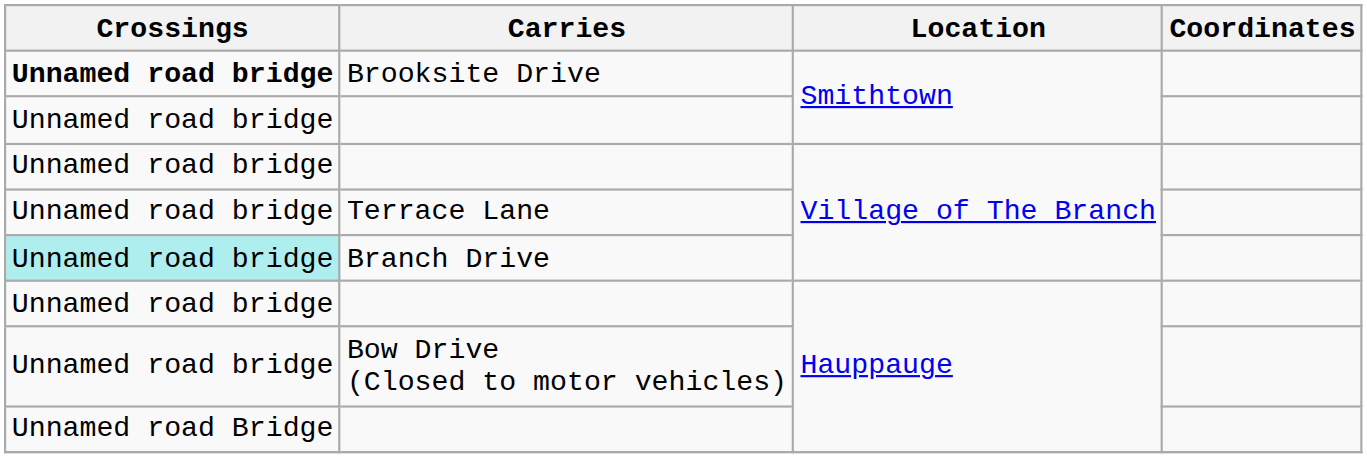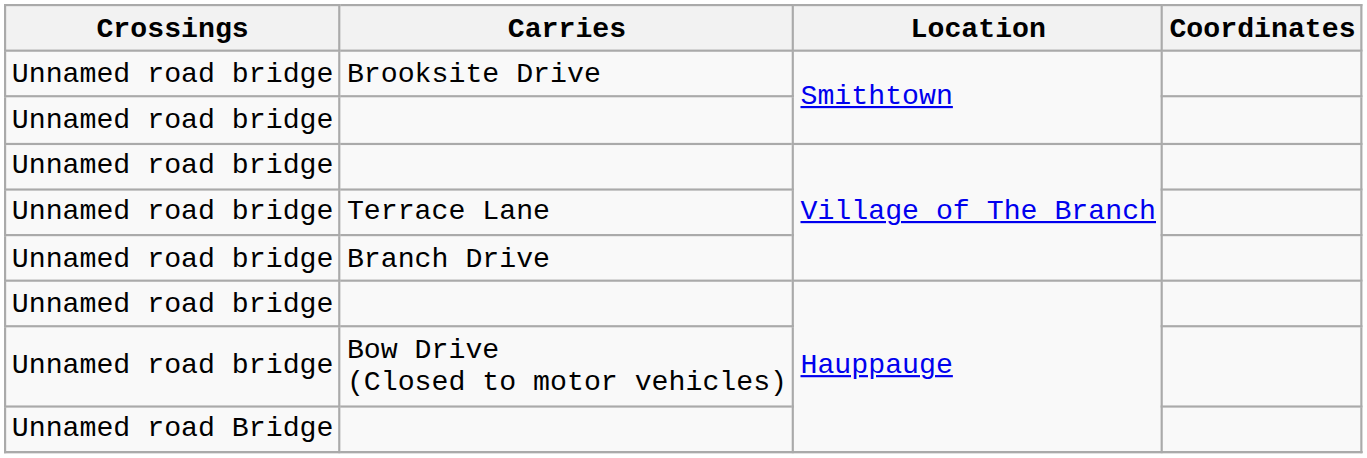 <table class="wikitable sortable">
 <tr>
 <th>Crossings</th>
 <th>Carries</th>
 <th>Location</th>
 <th>Coordinates</th>
 </tr>
 <tr>
-<td><strong>Unnamed road bridge</strong></td>
+<td>Unnamed road bridge</td>
 <td>Brooksite Drive</td>
 <td rowspan=2><a href='#'>Smithtown</a></td>
 <td></td>
 </tr>
 <tr>
 <td>Unnamed road bridge</td>
 <td></td>
 <td></td>
 </tr>
 <tr>
 <td>Unnamed road bridge</td>
 <td></td>
 <td rowspan=3><a href='#'>Village of The Branch</a></td>
 <td></td>
 </tr>
 <tr>
 <td>Unnamed road bridge</td>
 <td>Terrace Lane</td>
 <td></td>
 </tr>
 <tr>
-<td style="background: paleturquoise;">Unnamed road bridge</td>
+<td>Unnamed road bridge</td>
 <td>Branch Drive</td>
 <td></td>
 </tr>
 <tr>
 <td>Unnamed road bridge</td>
 <td></td>
 <td rowspan=3><a href='#'>Hauppauge</a></td>
 <td></td>
 </tr>
 <tr>
 <td>Unnamed road bridge</td>
 <td>Bow Drive<br>(Closed to motor vehicles)</td>
 <td></td>
 </tr>
 <tr>
 <td>Unnamed road Bridge</td>
 <td></td>
 <td></td>
 </tr>
 <tr>
 </tr>
 </table>
